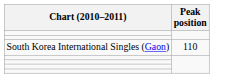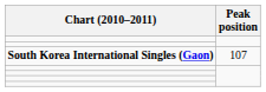 <table class="wikitable sortable">
 <tr>
 <th align="left">Chart (2010–2011)</th>
 <th align="center">Peak<br>position</th>
 </tr>
 <tr>
 <td></td>
 </tr>
 <tr>
 <td></td>
 </tr>
 <tr>
-<td>South Korea International Singles (<a href='#'>Gaon</a>)</td>
-<td style="text-align:center;">110</td>
+<td><strong>South Korea International Singles (<a href='#'>Gaon</a>)</strong></td>
+<td style="text-align:center;">107</td>
 </tr>
 <tr>
 <td></td>
 </tr>
 <tr>
 <td></td>
 </tr>
 <tr>
 <td></td>
 </tr>
 <tr>
 <td></td>
 </tr>
 </table>
